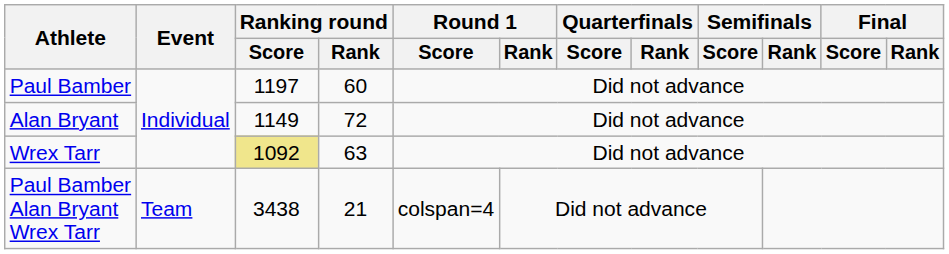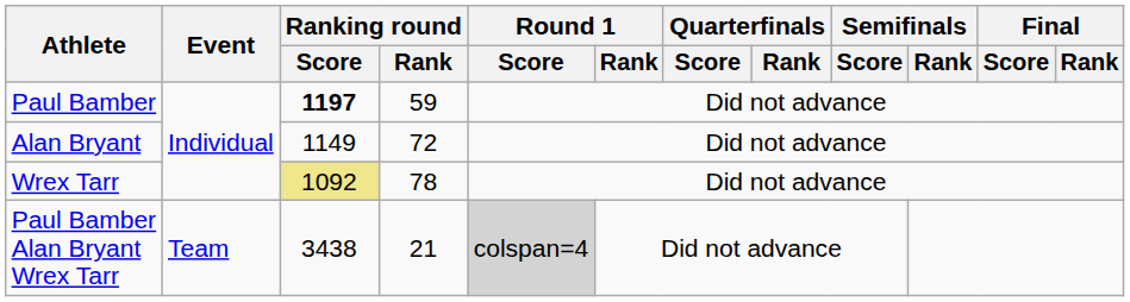 <table class="wikitable" style="font-size:90%">
 <tr>
 <th rowspan=2>Athlete</th>
 <th rowspan=2>Event</th>
 <th colspan="2">Ranking round</th>
 <th colspan="2">Round 1</th>
 <th colspan="2">Quarterfinals</th>
 <th colspan="2">Semifinals</th>
 <th colspan="2">Final</th>
 </tr>
 <tr style="font-size:95%">
 <th>Score</th>
 <th>Rank</th>
 <th>Score</th>
 <th>Rank</th>
 <th>Score</th>
 <th>Rank</th>
 <th>Score</th>
 <th>Rank</th>
 <th>Score</th>
 <th>Rank</th>
 </tr>
 <tr align=center>
 <td align=left><a href='#'>Paul Bamber</a></td>
 <td align=left rowspan=3><a href='#'>Individual</a></td>
-<td>1197</td>
-<td>60</td>
+<td><strong>1197</strong></td>
+<td>59</td>
 <td colspan=8>Did not advance</td>
 </tr>
 <tr align=center>
 <td align=left><a href='#'>Alan Bryant</a></td>
 <td>1149</td>
 <td>72</td>
 <td colspan=8>Did not advance</td>
 </tr>
 <tr align=center>
 <td align=left><a href='#'>Wrex Tarr</a></td>
 <td style="background: khaki;">1092</td>
-<td>63</td>
+<td>78</td>
 <td colspan=8>Did not advance</td>
 </tr>
 <tr align=center>
 <td align=left><a href='#'>Paul Bamber</a><br><a href='#'>Alan Bryant</a><br><a href='#'>Wrex Tarr</a></td>
 <td align=left><a href='#'>Team</a></td>
 <td>3438</td>
 <td>21</td>
-<td>colspan=4</td>
+<td style="background: lightgrey;">colspan=4</td>
 <td colspan=4>Did not advance</td>
 </tr>
 </table>
